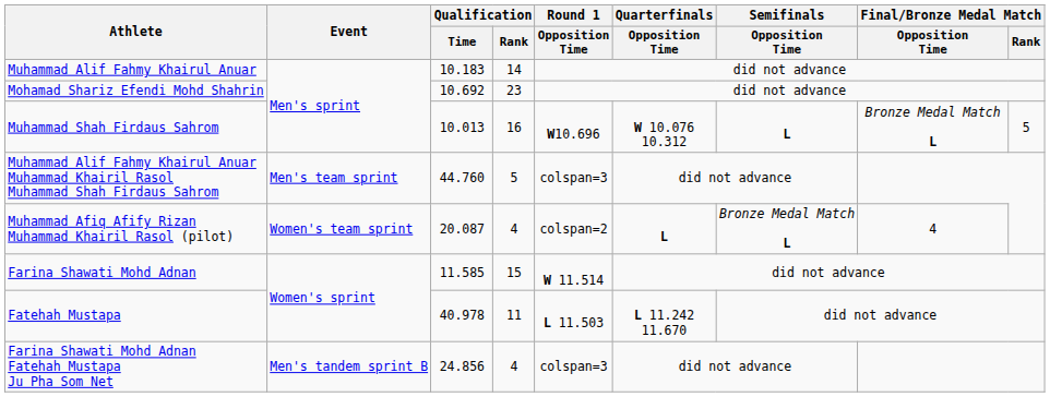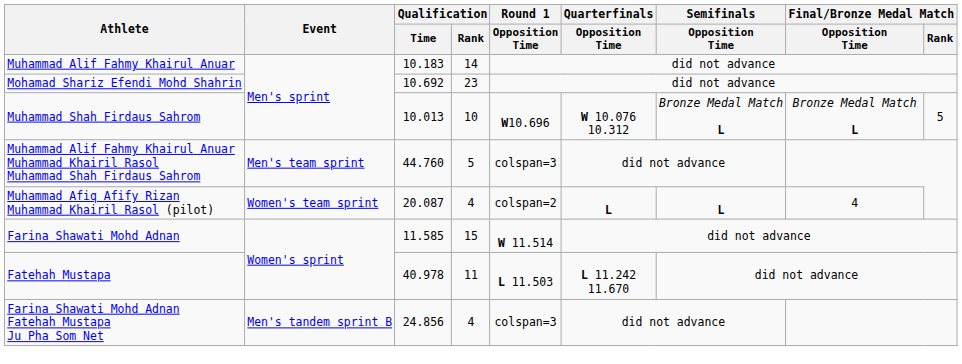 <table class="wikitable" style="font-size:90%;">
 <tr>
 <th rowspan=2>Athlete</th>
 <th rowspan=2>Event</th>
 <th colspan=2>Qualification</th>
 <th>Round 1</th>
 <th>Quarterfinals</th>
 <th>Semifinals</th>
 <th colspan=2>Final/Bronze Medal Match</th>
 </tr>
 <tr style="font-size:95%">
 <th>Time</th>
 <th>Rank</th>
 <th>Opposition<br>Time</th>
 <th>Opposition<br>Time</th>
 <th>Opposition<br>Time</th>
 <th>Opposition<br>Time</th>
 <th>Rank</th>
 </tr>
 <tr align=center>
 <td align=left><a href='#'>Muhammad Alif Fahmy Khairul Anuar</a></td>
 <td align=left rowspan=3><a href='#'>Men's sprint</a></td>
 <td>10.183</td>
 <td>14</td>
 <td colspan=5>did not advance</td>
 </tr>
 <tr align=center>
 <td align=left><a href='#'>Mohamad Shariz Efendi Mohd Shahrin</a></td>
 <td>10.692</td>
 <td>23</td>
 <td colspan=5>did not advance</td>
 </tr>
 <tr align=center>
 <td align=left><a href='#'>Muhammad Shah Firdaus Sahrom</a></td>
 <td>10.013</td>
-<td>16</td>
+<td>10</td>
 <td><br><strong>W</strong>10.696</td>
 <td><br><strong>W</strong> 10.076<br>10.312</td>
-<td><br><strong>L</strong></td>
+<td><em>Bronze Medal Match</em><br><br><strong>L</strong></td>
 <td><em>Bronze Medal Match</em><br><br><strong>L</strong></td>
 <td>5</td>
 </tr>
 <tr align=center>
 <td align=left><a href='#'>Muhammad Alif Fahmy Khairul Anuar</a><br><a href='#'>Muhammad Khairil Rasol</a><br><a href='#'>Muhammad Shah Firdaus Sahrom</a></td>
 <td align=left><a href='#'>Men's team sprint</a></td>
 <td>44.760</td>
 <td>5</td>
 <td>colspan=3 </td>
 <td colspan=2>did not advance</td>
 </tr>
 <tr align=center>
 <td align=left><a href='#'>Muhammad Afiq Afify Rizan</a><br><a href='#'>Muhammad Khairil Rasol</a> (pilot)</td>
 <td align=left><a href='#'>Women's team sprint</a></td>
 <td>20.087</td>
 <td>4</td>
 <td>colspan=2 </td>
 <td><br><strong>L</strong></td>
-<td><em>Bronze Medal Match</em><br><br><strong>L</strong></td>
+<td><br><strong>L</strong></td>
 <td>4</td>
 </tr>
 <tr align=center>
 <td align=left><a href='#'>Farina Shawati Mohd Adnan</a></td>
 <td align=left rowspan=2><a href='#'>Women's sprint</a></td>
 <td>11.585</td>
 <td>15</td>
 <td><br><strong>W</strong> 11.514<br></td>
 <td colspan=4>did not advance</td>
 </tr>
 <tr align=center>
 <td align=left><a href='#'>Fatehah Mustapa</a></td>
 <td>40.978</td>
 <td>11</td>
 <td><br><strong>L</strong> 11.503<br></td>
 <td><br><strong>L</strong> 11.242<br>11.670</td>
 <td colspan=3>did not advance</td>
 </tr>
 <tr align=center>
 <td align=left><a href='#'>Farina Shawati Mohd Adnan</a><br><a href='#'>Fatehah Mustapa</a><br><a href='#'>Ju Pha Som Net</a></td>
 <td align=left><a href='#'>Men's tandem sprint B</a></td>
 <td>24.856</td>
 <td>4</td>
 <td>colspan=3 </td>
 <td colspan=2>did not advance</td>
 </tr>
 </table>
